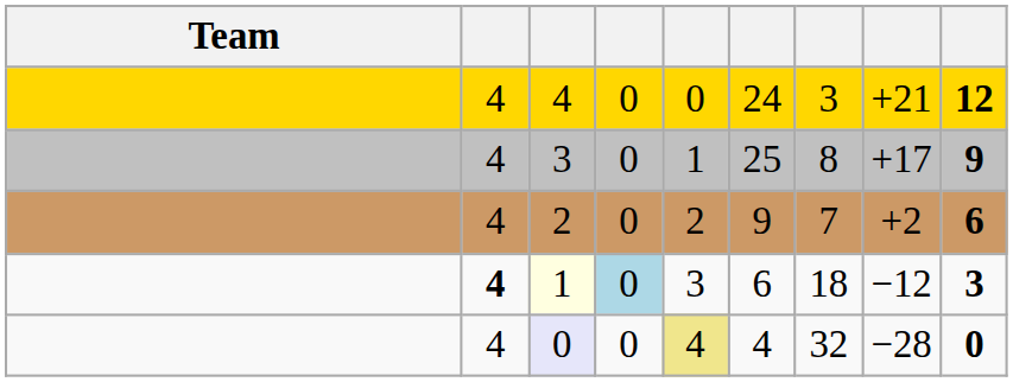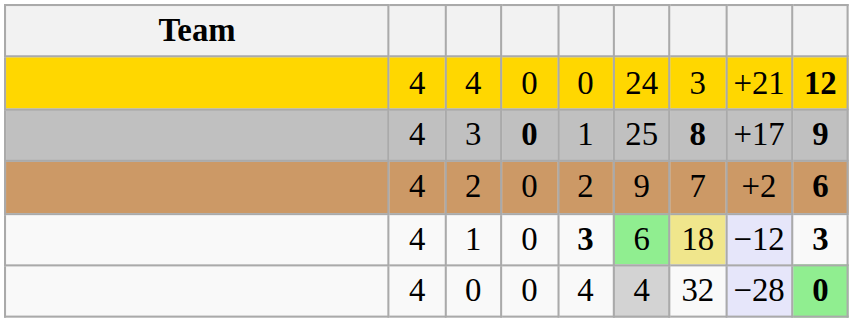 <table class="wikitable" style="text-align:center;">
 <tr>
 <th width=180>Team</th>
 <th width=20></th>
 <th width=20></th>
 <th width=20></th>
 <th width=20></th>
 <th width=20></th>
 <th width=20></th>
 <th width=20></th>
 <th width=20></th>
 </tr>
 <tr style="background-color:gold">
 <td style="text-align:left;"></td>
 <td>4</td>
 <td>4</td>
 <td>0</td>
 <td>0</td>
 <td>24</td>
 <td>3</td>
 <td>+21</td>
 <td><strong>12</strong></td>
 </tr>
 <tr style="background-color:silver">
 <td style="text-align:left;"></td>
 <td>4</td>
 <td>3</td>
-<td>0</td>
+<td><strong>0</strong></td>
 <td>1</td>
 <td>25</td>
-<td>8</td>
+<td><strong>8</strong></td>
 <td>+17</td>
 <td><strong>9</strong></td>
 </tr>
 <tr style="background-color:#cc9966">
 <td style="text-align:left;"></td>
 <td>4</td>
 <td>2</td>
 <td>0</td>
 <td>2</td>
 <td>9</td>
 <td>7</td>
 <td>+2</td>
 <td><strong>6</strong></td>
 </tr>
 <tr>
 <td style="text-align:left;"></td>
-<td><strong>4</strong></td>
-<td style="background: lightyellow;">1</td>
-<td style="background: lightblue;">0</td>
-<td>3</td>
-<td>6</td>
-<td>18</td>
-<td>−12</td>
+<td>4</td>
+<td>1</td>
+<td>0</td>
+<td><strong>3</strong></td>
+<td style="background: lightgreen;">6</td>
+<td style="background: khaki;">18</td>
+<td style="background: lavender;">−12</td>
 <td><strong>3</strong></td>
 </tr>
 <tr>
 <td style="text-align:left;"></td>
 <td>4</td>
-<td style="background: lavender;">0</td>
 <td>0</td>
-<td style="background: khaki;">4</td>
+<td>0</td>
 <td>4</td>
+<td style="background: lightgrey;">4</td>
 <td>32</td>
-<td>−28</td>
-<td><strong>0</strong></td>
+<td style="background: lavender;">−28</td>
+<td style="background: lightgreen;"><strong>0</strong></td>
 </tr>
 </table>
